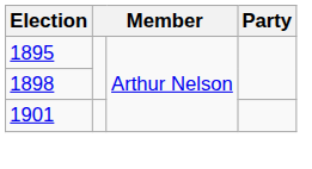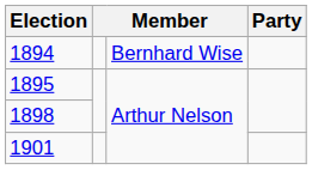 <table class="wikitable">
 <tr>
 <th>Election</th>
 <th colspan="2">Member</th>
 <th>Party</th>
+</tr>
+<tr>
+<td><a href='#'>1894</a></td>
+<td> </td>
+<td><a href='#'>Bernhard Wise</a></td>
+<td></td>
 </tr>
 <tr>
 <td><a href='#'>1895</a></td>
 <td rowspan="2" > </td>
 <td rowspan="3"><a href='#'>Arthur Nelson</a></td>
 <td rowspan="2"></td>
 </tr>
 <tr>
 <td><a href='#'>1898</a></td>
 </tr>
 <tr>
 <td><a href='#'>1901</a></td>
 <td> </td>
 <td></td>
 </tr>
 </table>
